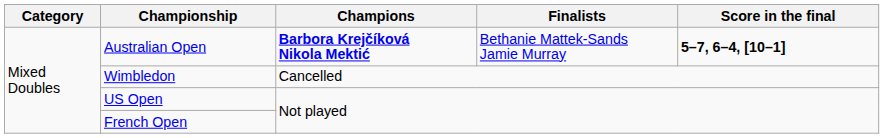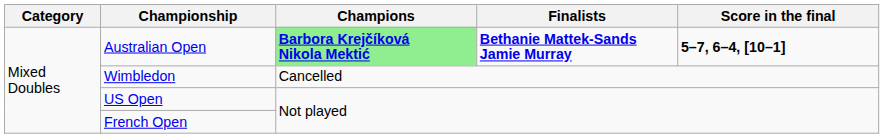 <table class="wikitable" style="font-size:90%;" width=100%>
 <tr>
 <th style="width: 11%;">Category</th>
 <th style="width: 20%;">Championship</th>
 <th style="width: 23%;">Champions</th>
 <th style="width: 23%;">Finalists</th>
 <th style="width: 23%;">Score in the final</th>
 </tr>
 <tr>
 <td rowspan="4">Mixed Doubles</td>
 <td><a href='#'>Australian Open</a></td>
-<td> <strong><a href='#'>Barbora Krejčíková</a></strong><br> <strong><a href='#'>Nikola Mektić</a></strong></td>
-<td> <a href='#'>Bethanie Mattek-Sands</a><br> <a href='#'>Jamie Murray</a></td>
+<td style="background: lightgreen;"> <strong><a href='#'>Barbora Krejčíková</a></strong><br> <strong><a href='#'>Nikola Mektić</a></strong></td>
+<td><strong> <a href='#'>Bethanie Mattek-Sands</a><br> <a href='#'>Jamie Murray</a></strong></td>
 <td><strong>5–7, 6–4, [10–1]</strong></td>
 </tr>
 <tr>
 <td><a href='#'>Wimbledon</a></td>
 <td colspan="3">Cancelled</td>
 </tr>
 <tr>
 <td><a href='#'>US Open</a></td>
 <td colspan="3" rowspan=2>Not played</td>
 </tr>
 <tr>
 <td><a href='#'>French Open</a></td>
 </tr>
 </table>
